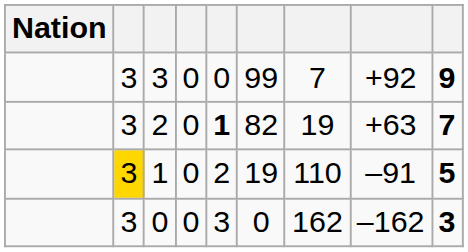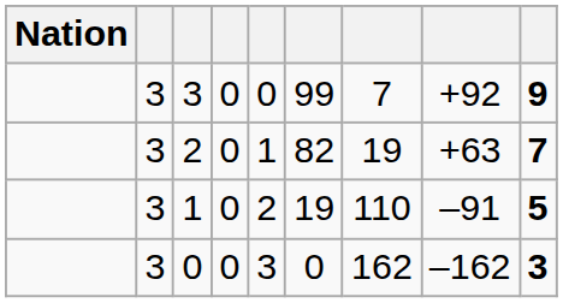 <table class="wikitable" style="text-align: center;">
 <tr>
 <th>Nation</th>
 <th></th>
 <th></th>
 <th></th>
 <th></th>
 <th></th>
 <th></th>
 <th></th>
 <th></th>
 </tr>
 <tr>
 <td align="left"></td>
 <td>3</td>
 <td>3</td>
 <td>0</td>
 <td>0</td>
 <td>99</td>
 <td>7</td>
 <td>+92</td>
 <td><strong>9</strong></td>
 </tr>
 <tr>
 <td align="left"></td>
 <td>3</td>
 <td>2</td>
 <td>0</td>
-<td><strong>1</strong></td>
+<td>1</td>
 <td>82</td>
 <td>19</td>
 <td>+63</td>
 <td><strong>7</strong></td>
 </tr>
 <tr>
 <td align="left"></td>
-<td style="background: gold;">3</td>
+<td>3</td>
 <td>1</td>
 <td>0</td>
 <td>2</td>
 <td>19</td>
 <td>110</td>
 <td>–91</td>
 <td><strong>5</strong></td>
 </tr>
 <tr>
 <td align="left"></td>
 <td>3</td>
 <td>0</td>
 <td>0</td>
 <td>3</td>
 <td>0</td>
 <td>162</td>
 <td>–162</td>
 <td><strong>3</strong></td>
 </tr>
 </table>
